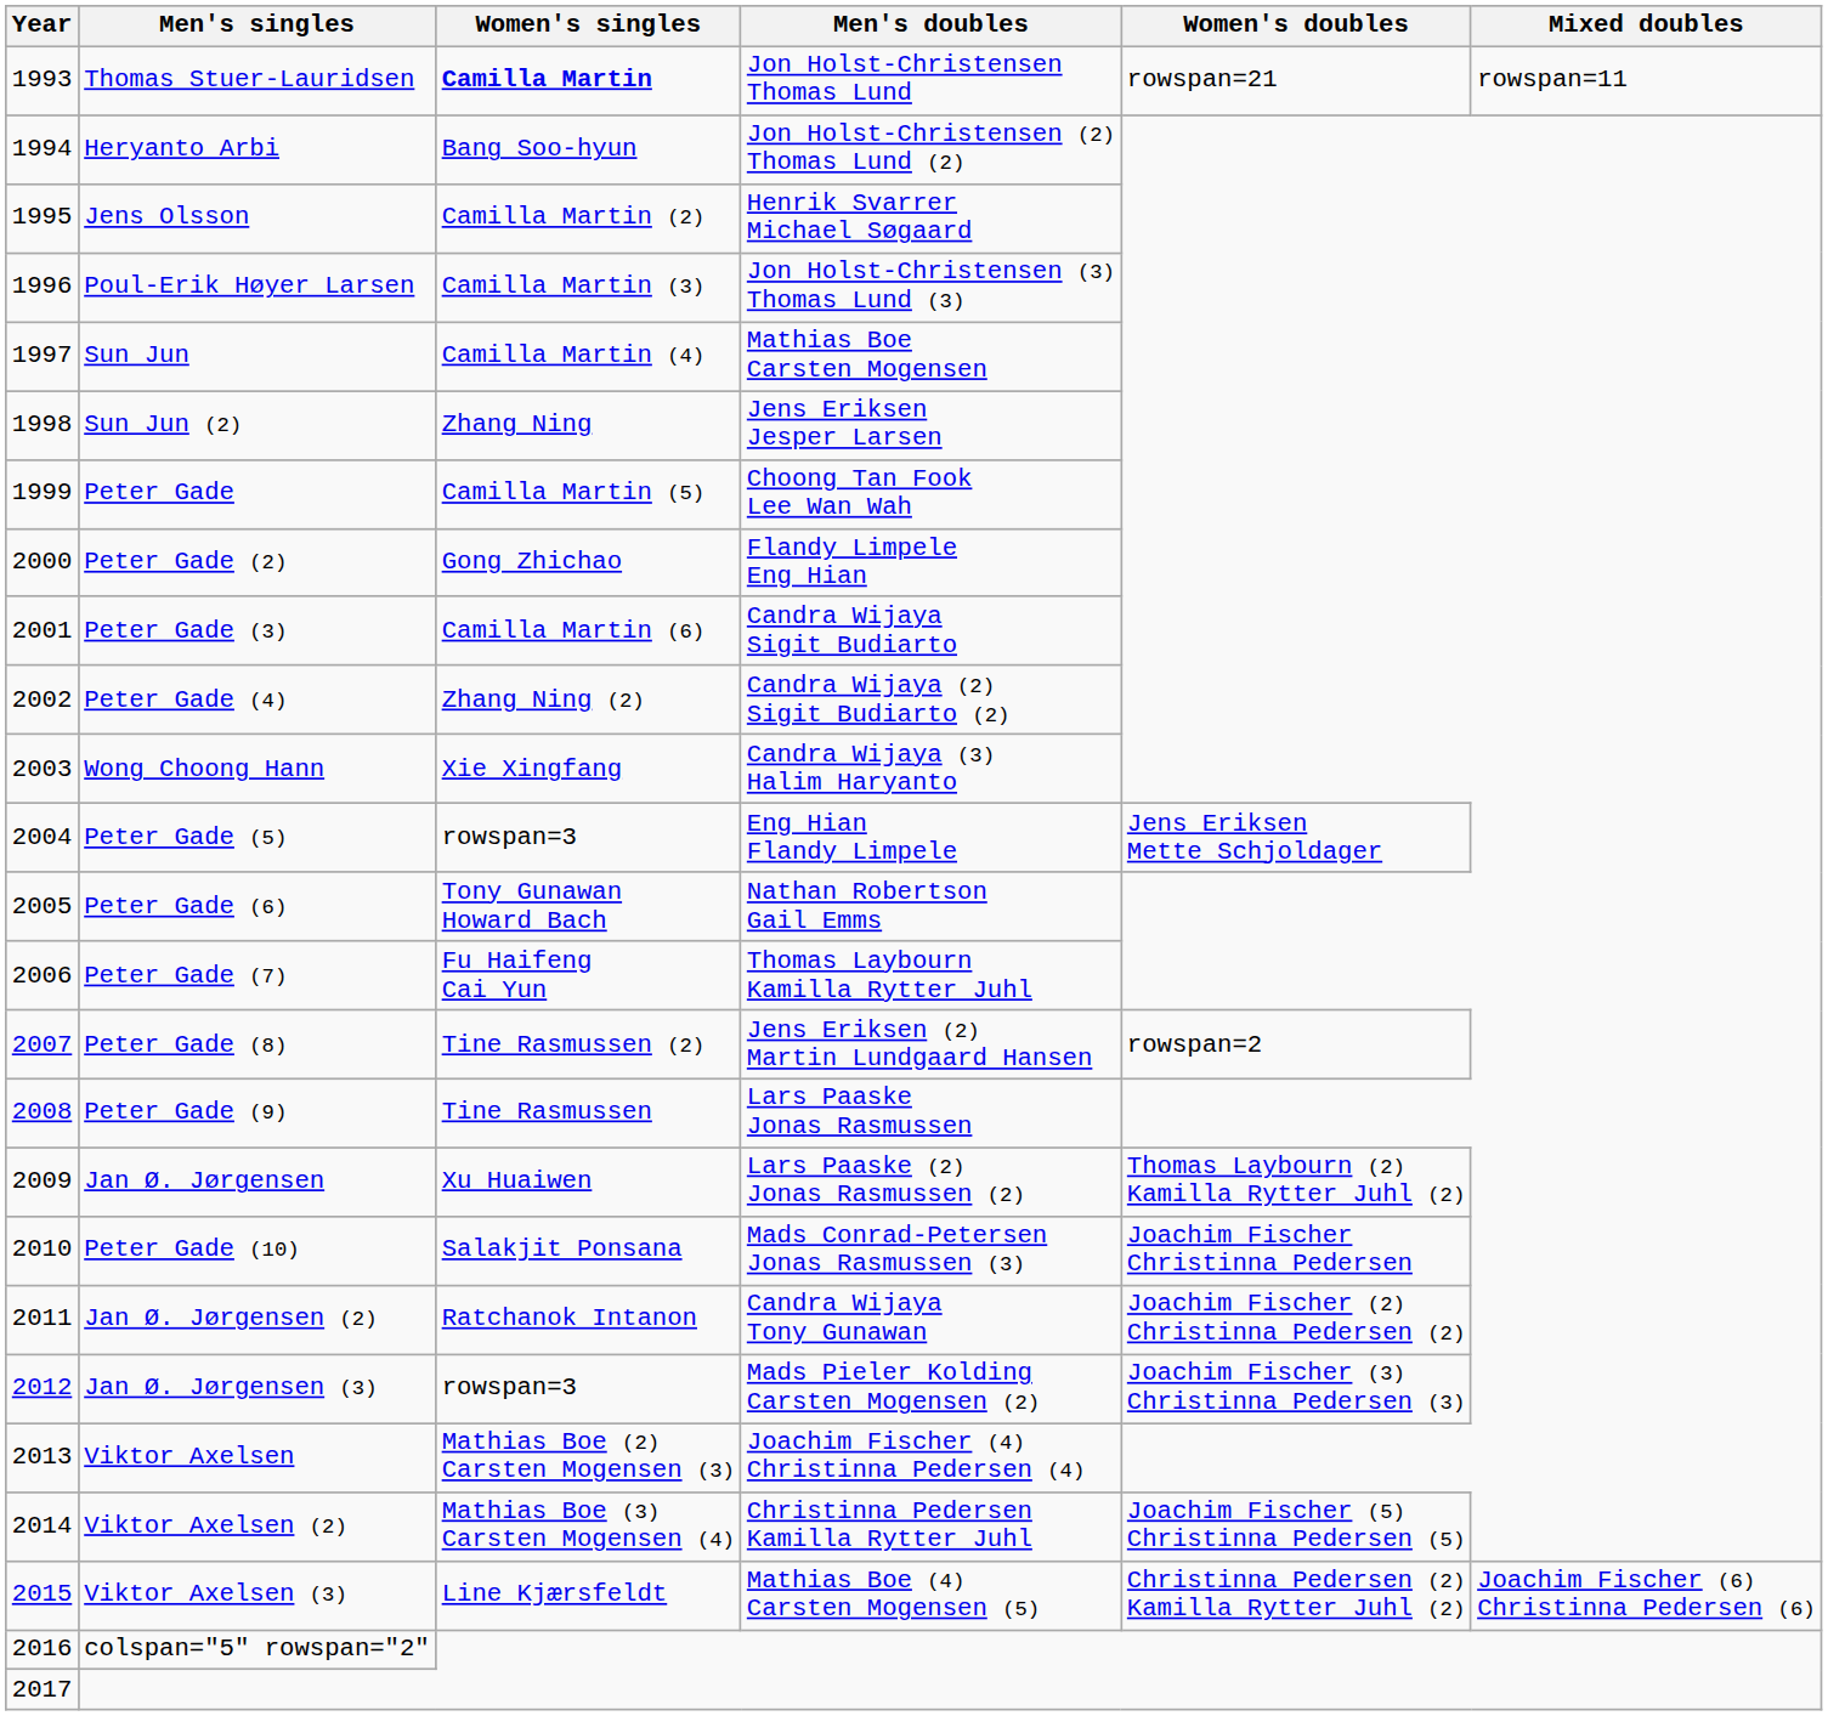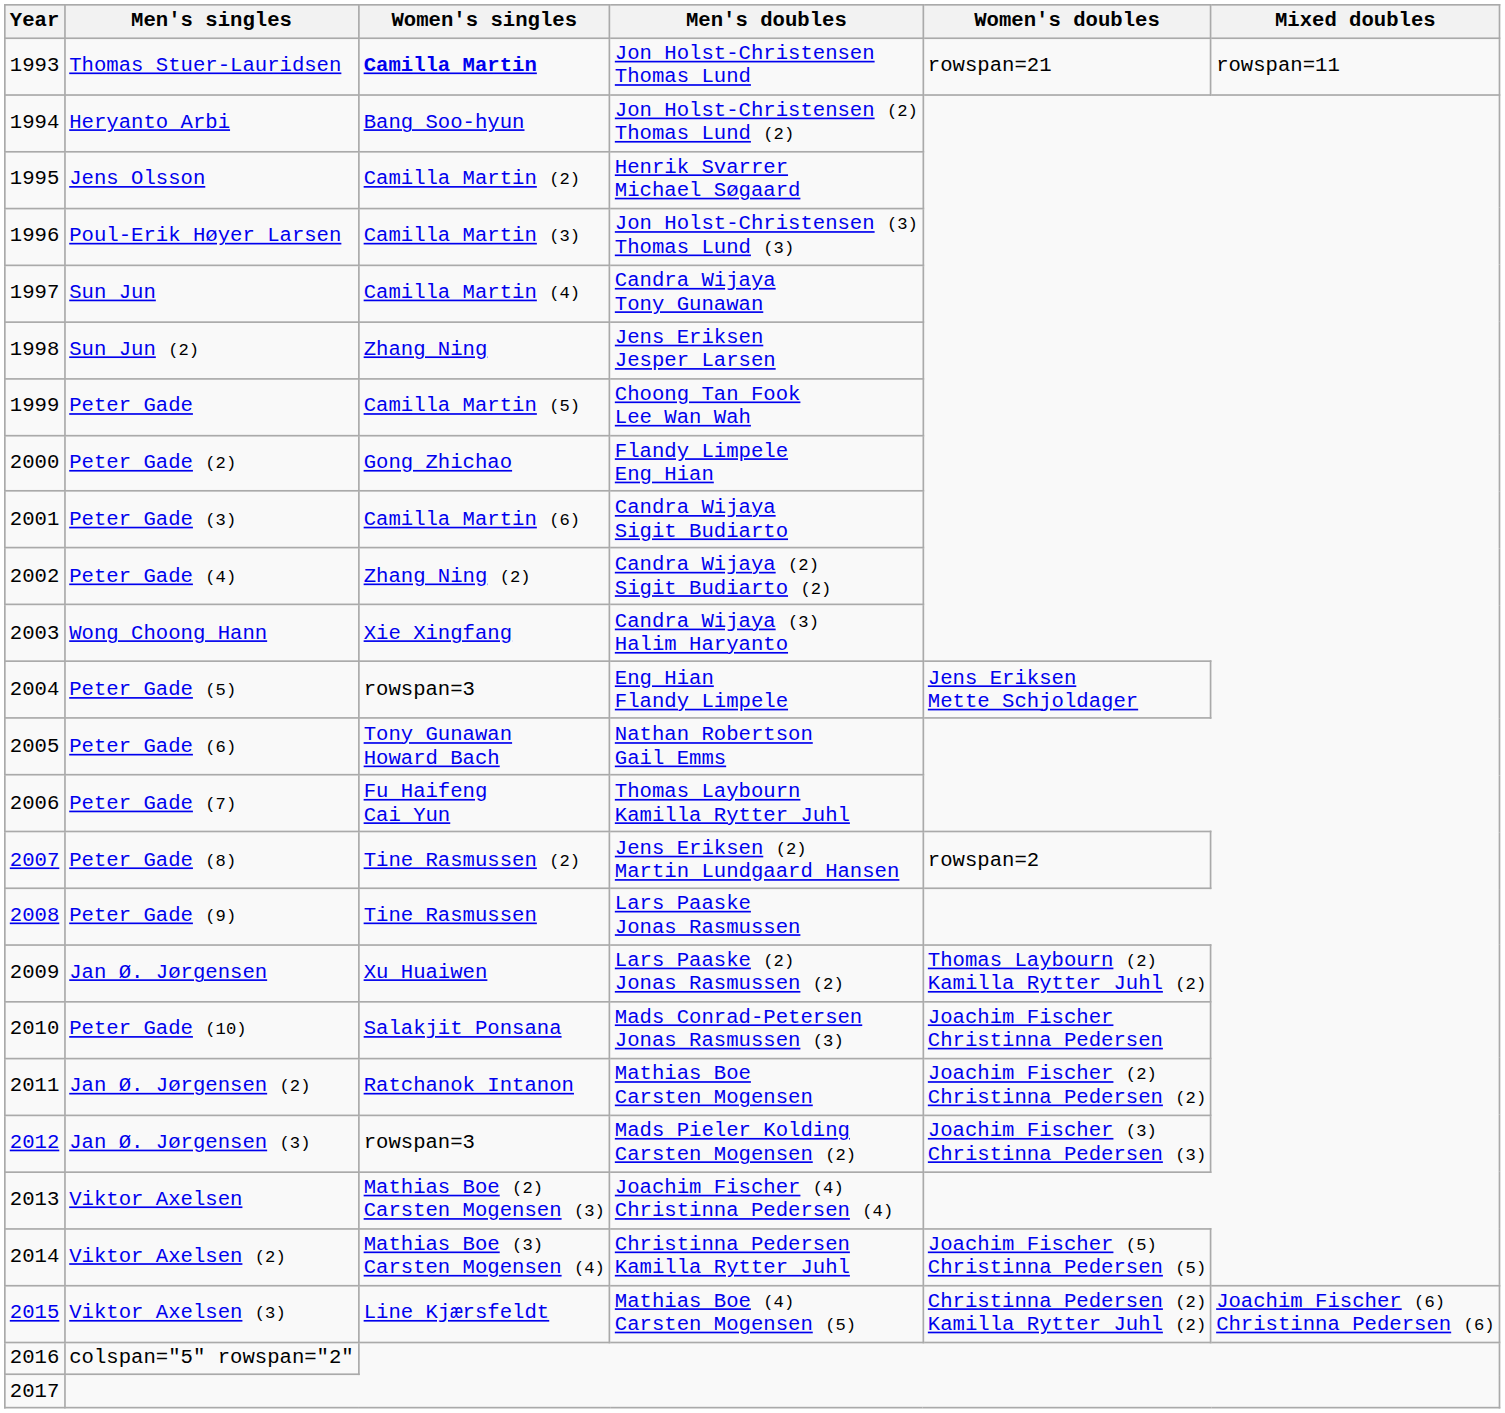 <table class=wikitable style="font-size:95%;">
 <tr>
 <th>Year</th>
 <th>Men's singles</th>
 <th>Women's singles</th>
 <th>Men's doubles</th>
 <th>Women's doubles</th>
 <th>Mixed doubles</th>
 </tr>
 <tr>
 <td>1993</td>
 <td> <a href='#'>Thomas Stuer-Lauridsen</a></td>
 <td><strong> <a href='#'>Camilla Martin</a></strong></td>
 <td> <a href='#'>Jon Holst-Christensen</a> <br>  <a href='#'>Thomas Lund</a></td>
 <td>rowspan=21 </td>
 <td>rowspan=11 </td>
 </tr>
 <tr>
 <td>1994</td>
 <td> <a href='#'>Heryanto Arbi</a></td>
 <td> <a href='#'>Bang Soo-hyun</a></td>
 <td> <a href='#'>Jon Holst-Christensen</a> <small>(2)</small> <br>  <a href='#'>Thomas Lund</a> <small>(2)</small></td>
 </tr>
 <tr>
 <td>1995</td>
 <td> <a href='#'>Jens Olsson</a></td>
 <td> <a href='#'>Camilla Martin</a> <small>(2)</small></td>
 <td> <a href='#'>Henrik Svarrer</a> <br>  <a href='#'>Michael Søgaard</a></td>
 </tr>
 <tr>
 <td>1996</td>
 <td> <a href='#'>Poul-Erik Høyer Larsen</a></td>
 <td> <a href='#'>Camilla Martin</a> <small>(3)</small></td>
 <td> <a href='#'>Jon Holst-Christensen</a> <small>(3)</small> <br>  <a href='#'>Thomas Lund</a> <small>(3)</small></td>
 </tr>
 <tr>
 <td>1997</td>
 <td> <a href='#'>Sun Jun</a></td>
 <td> <a href='#'>Camilla Martin</a> <small>(4)</small></td>
-<td> <a href='#'>Mathias Boe</a> <br>  <a href='#'>Carsten Mogensen</a></td>
+<td> <a href='#'>Candra Wijaya</a> <br>  <a href='#'>Tony Gunawan</a></td>
 </tr>
 <tr>
 <td>1998</td>
 <td> <a href='#'>Sun Jun</a> <small>(2)</small></td>
 <td> <a href='#'>Zhang Ning</a></td>
 <td> <a href='#'>Jens Eriksen</a> <br>  <a href='#'>Jesper Larsen</a></td>
 </tr>
 <tr>
 <td>1999</td>
 <td> <a href='#'>Peter Gade</a></td>
 <td> <a href='#'>Camilla Martin</a> <small>(5)</small></td>
 <td> <a href='#'>Choong Tan Fook</a> <br>  <a href='#'>Lee Wan Wah</a></td>
 </tr>
 <tr>
 <td>2000</td>
 <td> <a href='#'>Peter Gade</a> <small>(2)</small></td>
 <td> <a href='#'>Gong Zhichao</a></td>
 <td> <a href='#'>Flandy Limpele</a> <br>  <a href='#'>Eng Hian</a></td>
 </tr>
 <tr>
 <td>2001</td>
 <td> <a href='#'>Peter Gade</a> <small>(3)</small></td>
 <td> <a href='#'>Camilla Martin</a> <small>(6)</small></td>
 <td> <a href='#'>Candra Wijaya</a> <br>  <a href='#'>Sigit Budiarto</a></td>
 </tr>
 <tr>
 <td>2002</td>
 <td> <a href='#'>Peter Gade</a> <small>(4)</small></td>
 <td> <a href='#'>Zhang Ning</a> <small>(2)</small></td>
 <td> <a href='#'>Candra Wijaya</a> <small>(2)</small> <br>  <a href='#'>Sigit Budiarto</a> <small>(2)</small></td>
 </tr>
 <tr>
 <td>2003</td>
 <td> <a href='#'>Wong Choong Hann</a></td>
 <td> <a href='#'>Xie Xingfang</a></td>
 <td> <a href='#'>Candra Wijaya</a> <small>(3)</small> <br>  <a href='#'>Halim Haryanto</a></td>
 </tr>
 <tr>
 <td>2004</td>
 <td> <a href='#'>Peter Gade</a> <small>(5)</small></td>
 <td>rowspan=3 </td>
 <td> <a href='#'>Eng Hian</a> <br>  <a href='#'>Flandy Limpele</a></td>
 <td> <a href='#'>Jens Eriksen</a> <br>  <a href='#'>Mette Schjoldager</a></td>
 </tr>
 <tr>
 <td>2005</td>
 <td> <a href='#'>Peter Gade</a> <small>(6)</small></td>
 <td> <a href='#'>Tony Gunawan</a> <br>  <a href='#'>Howard Bach</a></td>
 <td> <a href='#'>Nathan Robertson</a> <br>  <a href='#'>Gail Emms</a></td>
 </tr>
 <tr>
 <td>2006</td>
 <td> <a href='#'>Peter Gade</a> <small>(7)</small></td>
 <td> <a href='#'>Fu Haifeng</a> <br>  <a href='#'>Cai Yun</a></td>
 <td> <a href='#'>Thomas Laybourn</a> <br>  <a href='#'>Kamilla Rytter Juhl</a></td>
 </tr>
 <tr>
 <td><a href='#'>2007</a></td>
 <td> <a href='#'>Peter Gade</a> <small>(8)</small></td>
 <td> <a href='#'>Tine Rasmussen</a> <small>(2)</small></td>
 <td> <a href='#'>Jens Eriksen</a> <small>(2)</small> <br>  <a href='#'>Martin Lundgaard Hansen</a></td>
 <td>rowspan=2 </td>
 </tr>
 <tr>
 <td><a href='#'>2008</a></td>
 <td> <a href='#'>Peter Gade</a> <small>(9)</small></td>
 <td> <a href='#'>Tine Rasmussen</a></td>
 <td> <a href='#'>Lars Paaske</a> <br>  <a href='#'>Jonas Rasmussen</a></td>
 </tr>
 <tr>
 <td>2009</td>
 <td> <a href='#'>Jan Ø. Jørgensen</a></td>
 <td> <a href='#'>Xu Huaiwen</a></td>
 <td> <a href='#'>Lars Paaske</a> <small>(2)</small> <br>  <a href='#'>Jonas Rasmussen</a> <small>(2)</small></td>
 <td> <a href='#'>Thomas Laybourn</a> <small>(2)</small> <br>  <a href='#'>Kamilla Rytter Juhl</a> <small>(2)</small></td>
 </tr>
 <tr>
 <td>2010</td>
 <td> <a href='#'>Peter Gade</a> <small>(10)</small></td>
 <td> <a href='#'>Salakjit Ponsana</a></td>
 <td> <a href='#'>Mads Conrad-Petersen</a> <br>  <a href='#'>Jonas Rasmussen</a> <small>(3)</small></td>
 <td> <a href='#'>Joachim Fischer</a> <br>  <a href='#'>Christinna Pedersen</a></td>
 </tr>
 <tr>
 <td>2011</td>
 <td> <a href='#'>Jan Ø. Jørgensen</a> <small>(2)</small></td>
 <td> <a href='#'>Ratchanok Intanon</a></td>
-<td> <a href='#'>Candra Wijaya</a> <br>  <a href='#'>Tony Gunawan</a></td>
+<td> <a href='#'>Mathias Boe</a> <br>  <a href='#'>Carsten Mogensen</a></td>
 <td> <a href='#'>Joachim Fischer</a> <small>(2)</small> <br>  <a href='#'>Christinna Pedersen</a> <small>(2)</small></td>
 </tr>
 <tr>
 <td><a href='#'>2012</a></td>
 <td> <a href='#'>Jan Ø. Jørgensen</a> <small>(3)</small></td>
 <td>rowspan=3 </td>
 <td> <a href='#'>Mads Pieler Kolding</a> <br>  <a href='#'>Carsten Mogensen</a> <small>(2)</small></td>
 <td> <a href='#'>Joachim Fischer</a> <small>(3)</small> <br>  <a href='#'>Christinna Pedersen</a> <small>(3)</small></td>
 </tr>
 <tr>
 <td>2013</td>
 <td> <a href='#'>Viktor Axelsen</a></td>
 <td> <a href='#'>Mathias Boe</a> <small>(2)</small> <br>  <a href='#'>Carsten Mogensen</a> <small>(3)</small></td>
 <td> <a href='#'>Joachim Fischer</a> <small>(4)</small> <br>  <a href='#'>Christinna Pedersen</a> <small>(4)</small></td>
 </tr>
 <tr>
 <td>2014</td>
 <td> <a href='#'>Viktor Axelsen</a> <small>(2)</small></td>
 <td> <a href='#'>Mathias Boe</a> <small>(3)</small> <br>  <a href='#'>Carsten Mogensen</a> <small>(4)</small></td>
 <td> <a href='#'>Christinna Pedersen</a> <br>  <a href='#'>Kamilla Rytter Juhl</a></td>
 <td> <a href='#'>Joachim Fischer</a> <small>(5)</small> <br>  <a href='#'>Christinna Pedersen</a> <small>(5)</small></td>
 </tr>
 <tr>
 <td><a href='#'>2015</a></td>
 <td> <a href='#'>Viktor Axelsen</a> <small>(3)</small></td>
 <td> <a href='#'>Line Kjærsfeldt</a></td>
 <td> <a href='#'>Mathias Boe</a> <small>(4)</small> <br>  <a href='#'>Carsten Mogensen</a> <small>(5)</small></td>
 <td> <a href='#'>Christinna Pedersen</a> <small>(2)</small> <br>  <a href='#'>Kamilla Rytter Juhl</a> <small>(2)</small></td>
 <td> <a href='#'>Joachim Fischer</a> <small>(6)</small> <br>  <a href='#'>Christinna Pedersen</a> <small>(6)</small></td>
 </tr>
 <tr>
 <td>2016</td>
 <td>colspan="5" rowspan="2" </td>
 </tr>
 <tr>
 <td>2017</td>
 </tr>
 </table>
